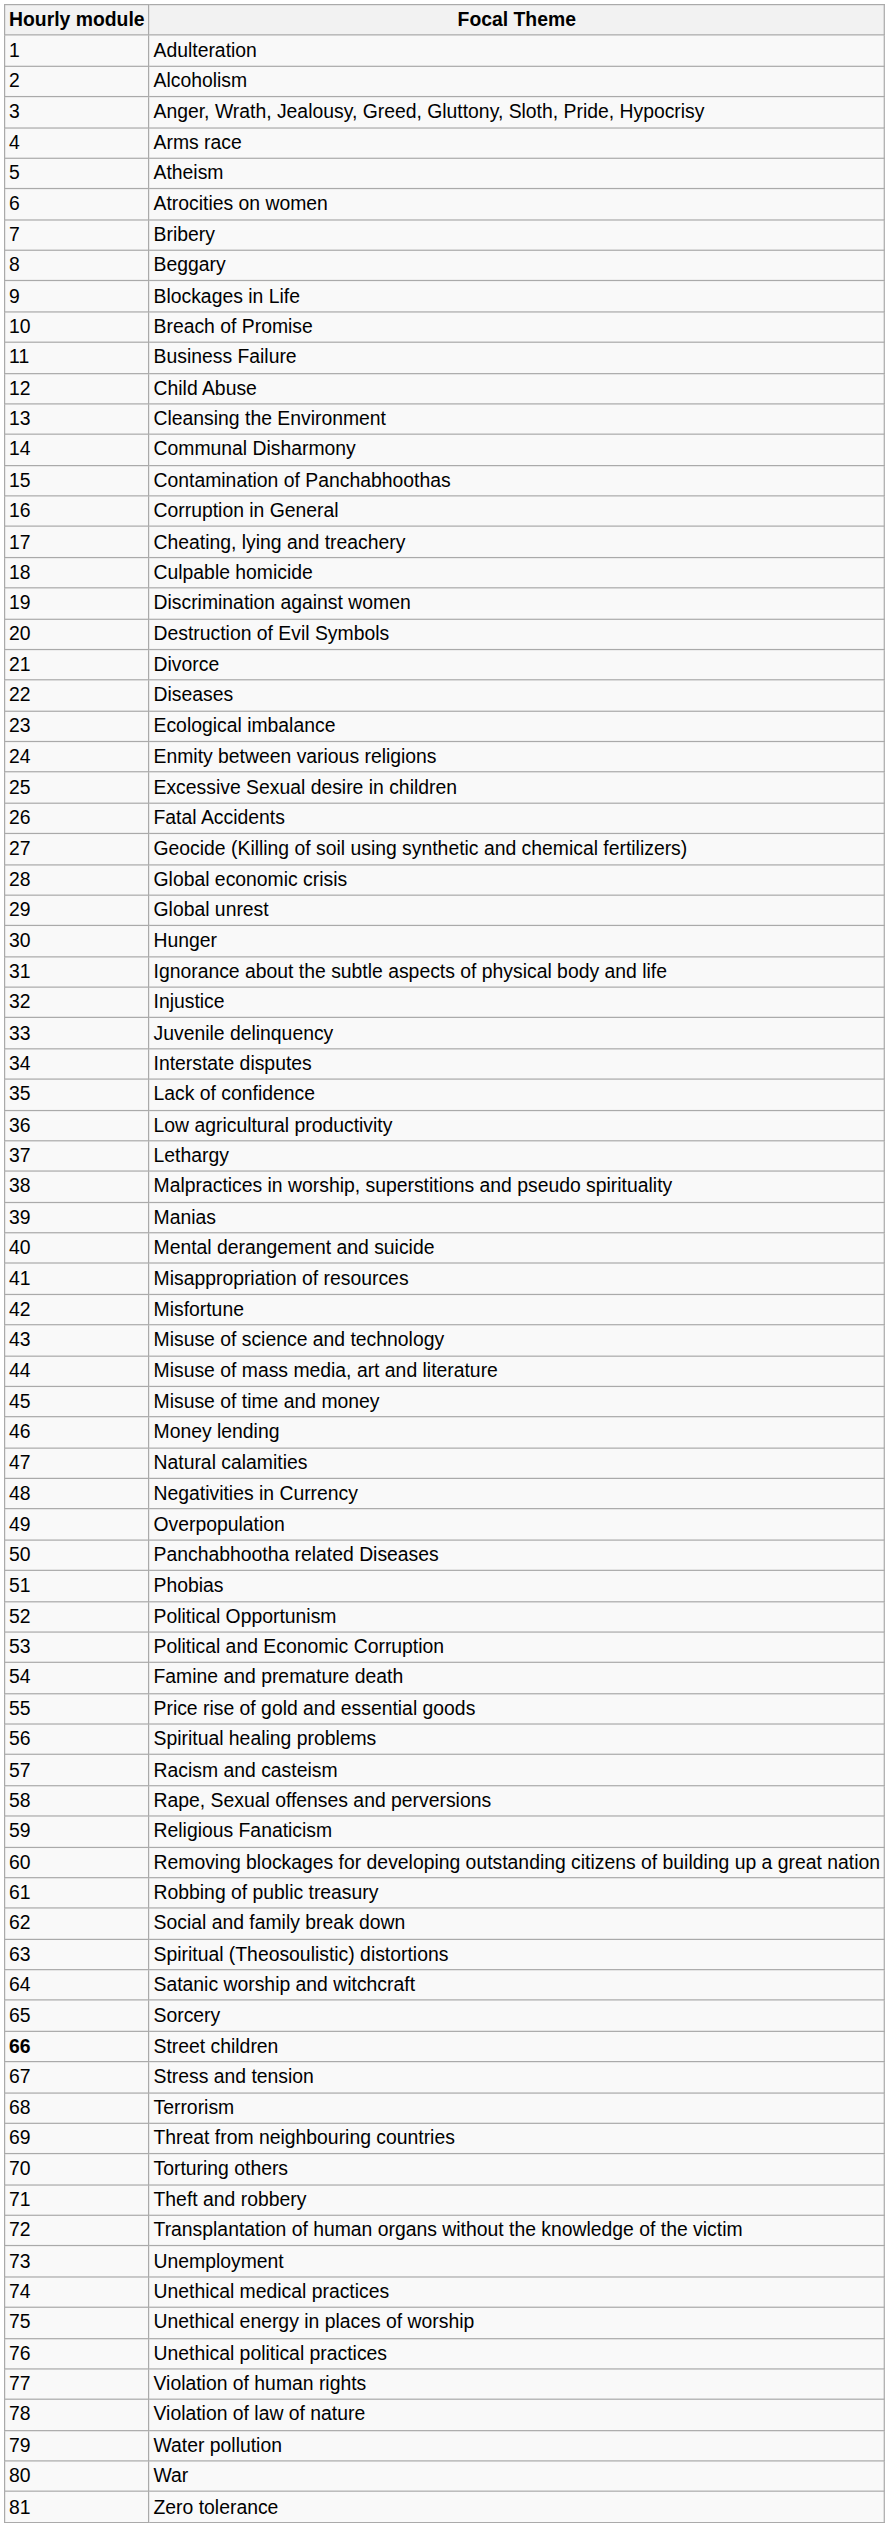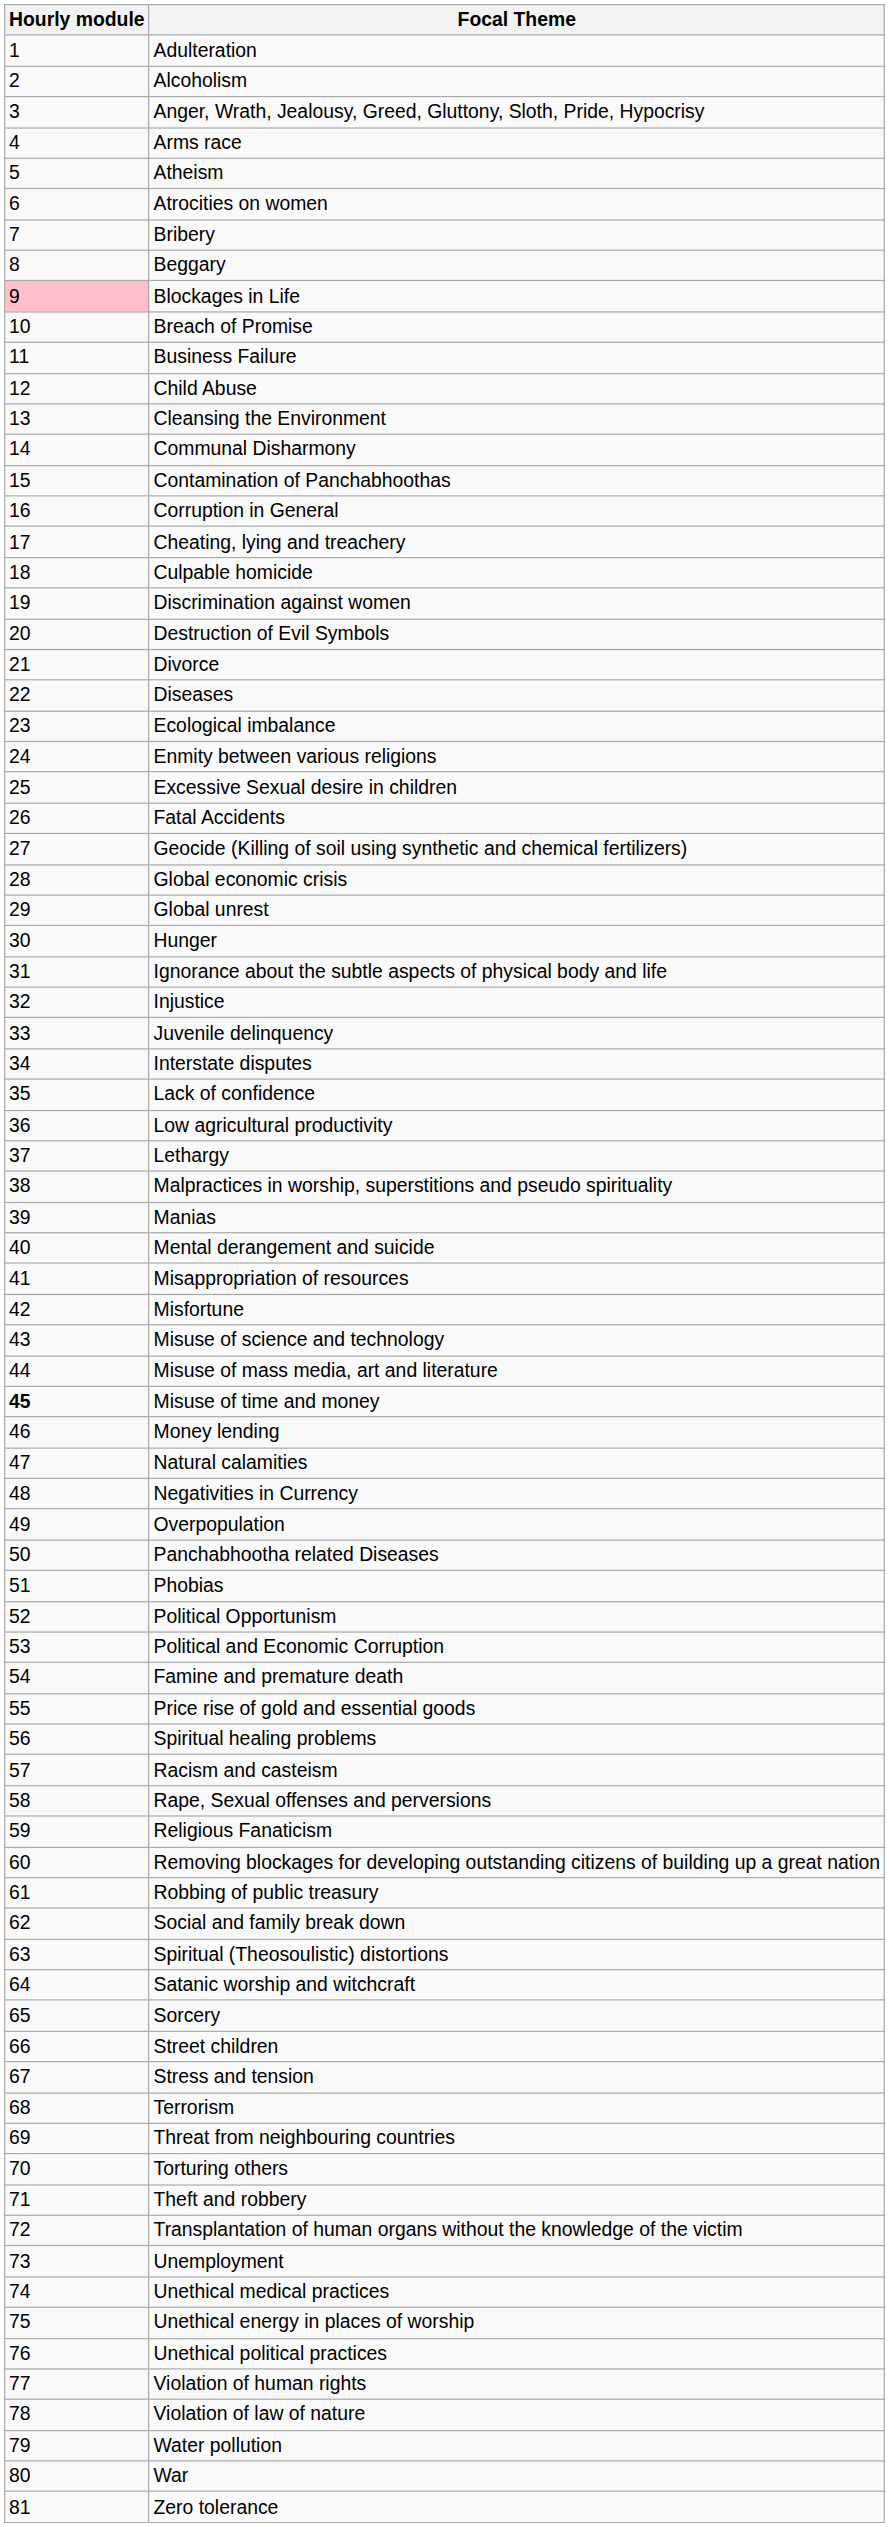 <table class="wikitable">
 <tr>
 <th>Hourly module</th>
 <th>Focal Theme</th>
 </tr>
 <tr>
 <td>1</td>
 <td>Adulteration</td>
 </tr>
 <tr>
 <td>2</td>
 <td>Alcoholism</td>
 </tr>
 <tr>
 <td>3</td>
 <td>Anger, Wrath, Jealousy, Greed, Gluttony, Sloth, Pride, Hypocrisy</td>
 </tr>
 <tr>
 <td>4</td>
 <td>Arms race</td>
 </tr>
 <tr>
 <td>5</td>
 <td>Atheism</td>
 </tr>
 <tr>
 <td>6</td>
 <td>Atrocities on women</td>
 </tr>
 <tr>
 <td>7</td>
 <td>Bribery</td>
 </tr>
 <tr>
 <td>8</td>
 <td>Beggary</td>
 </tr>
 <tr>
-<td>9</td>
+<td style="background: pink;">9</td>
 <td>Blockages in Life</td>
 </tr>
 <tr>
 <td>10</td>
 <td>Breach of Promise</td>
 </tr>
 <tr>
 <td>11</td>
 <td>Business Failure</td>
 </tr>
 <tr>
 <td>12</td>
 <td>Child Abuse</td>
 </tr>
 <tr>
 <td>13</td>
 <td>Cleansing the Environment</td>
 </tr>
 <tr>
 <td>14</td>
 <td>Communal Disharmony</td>
 </tr>
 <tr>
 <td>15</td>
 <td>Contamination of Panchabhoothas</td>
 </tr>
 <tr>
 <td>16</td>
 <td>Corruption in General</td>
 </tr>
 <tr>
 <td>17</td>
 <td>Cheating, lying and treachery</td>
 </tr>
 <tr>
 <td>18</td>
 <td>Culpable homicide</td>
 </tr>
 <tr>
 <td>19</td>
 <td>Discrimination against women</td>
 </tr>
 <tr>
 <td>20</td>
 <td>Destruction of Evil Symbols</td>
 </tr>
 <tr>
 <td>21</td>
 <td>Divorce</td>
 </tr>
 <tr>
 <td>22</td>
 <td>Diseases</td>
 </tr>
 <tr>
 <td>23</td>
 <td>Ecological imbalance</td>
 </tr>
 <tr>
 <td>24</td>
 <td>Enmity between various religions</td>
 </tr>
 <tr>
 <td>25</td>
 <td>Excessive Sexual desire in children</td>
 </tr>
 <tr>
 <td>26</td>
 <td>Fatal Accidents</td>
 </tr>
 <tr>
 <td>27</td>
 <td>Geocide (Killing of soil using synthetic and chemical fertilizers)</td>
 </tr>
 <tr>
 <td>28</td>
 <td>Global economic crisis</td>
 </tr>
 <tr>
 <td>29</td>
 <td>Global unrest</td>
 </tr>
 <tr>
 <td>30</td>
 <td>Hunger</td>
 </tr>
 <tr>
 <td>31</td>
 <td>Ignorance about the subtle aspects of physical body and life</td>
 </tr>
 <tr>
 <td>32</td>
 <td>Injustice</td>
 </tr>
 <tr>
 <td>33</td>
 <td>Juvenile delinquency</td>
 </tr>
 <tr>
 <td>34</td>
 <td>Interstate disputes</td>
 </tr>
 <tr>
 <td>35</td>
 <td>Lack of confidence</td>
 </tr>
 <tr>
 <td>36</td>
 <td>Low agricultural productivity</td>
 </tr>
 <tr>
 <td>37</td>
 <td>Lethargy</td>
 </tr>
 <tr>
 <td>38</td>
 <td>Malpractices in worship, superstitions and pseudo spirituality</td>
 </tr>
 <tr>
 <td>39</td>
 <td>Manias</td>
 </tr>
 <tr>
 <td>40</td>
 <td>Mental derangement and suicide</td>
 </tr>
 <tr>
 <td>41</td>
 <td>Misappropriation of resources</td>
 </tr>
 <tr>
 <td>42</td>
 <td>Misfortune</td>
 </tr>
 <tr>
 <td>43</td>
 <td>Misuse of science and technology</td>
 </tr>
 <tr>
 <td>44</td>
 <td>Misuse of mass media, art and literature</td>
 </tr>
 <tr>
-<td>45</td>
+<td><strong>45</strong></td>
 <td>Misuse of time and money</td>
 </tr>
 <tr>
 <td>46</td>
 <td>Money lending</td>
 </tr>
 <tr>
 <td>47</td>
 <td>Natural calamities</td>
 </tr>
 <tr>
 <td>48</td>
 <td>Negativities in Currency</td>
 </tr>
 <tr>
 <td>49</td>
 <td>Overpopulation</td>
 </tr>
 <tr>
 <td>50</td>
 <td>Panchabhootha related Diseases</td>
 </tr>
 <tr>
 <td>51</td>
 <td>Phobias</td>
 </tr>
 <tr>
 <td>52</td>
 <td>Political Opportunism</td>
 </tr>
 <tr>
 <td>53</td>
 <td>Political and Economic Corruption</td>
 </tr>
 <tr>
 <td>54</td>
 <td>Famine and premature death</td>
 </tr>
 <tr>
 <td>55</td>
 <td>Price rise of gold and essential goods</td>
 </tr>
 <tr>
 <td>56</td>
 <td>Spiritual healing problems</td>
 </tr>
 <tr>
 <td>57</td>
 <td>Racism and casteism</td>
 </tr>
 <tr>
 <td>58</td>
 <td>Rape, Sexual offenses and perversions</td>
 </tr>
 <tr>
 <td>59</td>
 <td>Religious Fanaticism</td>
 </tr>
 <tr>
 <td>60</td>
 <td>Removing blockages for developing outstanding citizens of building up a great nation</td>
 </tr>
 <tr>
 <td>61</td>
 <td>Robbing of public treasury</td>
 </tr>
 <tr>
 <td>62</td>
 <td>Social and family break down</td>
 </tr>
 <tr>
 <td>63</td>
 <td>Spiritual (Theosoulistic) distortions</td>
 </tr>
 <tr>
 <td>64</td>
 <td>Satanic worship and witchcraft</td>
 </tr>
 <tr>
 <td>65</td>
 <td>Sorcery</td>
 </tr>
 <tr>
-<td><strong>66</strong></td>
+<td>66</td>
 <td>Street children</td>
 </tr>
 <tr>
 <td>67</td>
 <td>Stress and tension</td>
 </tr>
 <tr>
 <td>68</td>
 <td>Terrorism</td>
 </tr>
 <tr>
 <td>69</td>
 <td>Threat from neighbouring countries</td>
 </tr>
 <tr>
 <td>70</td>
 <td>Torturing others</td>
 </tr>
 <tr>
 <td>71</td>
 <td>Theft and robbery</td>
 </tr>
 <tr>
 <td>72</td>
 <td>Transplantation of human organs without the knowledge of the victim</td>
 </tr>
 <tr>
 <td>73</td>
 <td>Unemployment</td>
 </tr>
 <tr>
 <td>74</td>
 <td>Unethical medical practices</td>
 </tr>
 <tr>
 <td>75</td>
 <td>Unethical energy in places of worship</td>
 </tr>
 <tr>
 <td>76</td>
 <td>Unethical political practices</td>
 </tr>
 <tr>
 <td>77</td>
 <td>Violation of human rights</td>
 </tr>
 <tr>
 <td>78</td>
 <td>Violation of law of nature</td>
 </tr>
 <tr>
 <td>79</td>
 <td>Water pollution</td>
 </tr>
 <tr>
 <td>80</td>
 <td>War</td>
 </tr>
 <tr>
 <td>81</td>
 <td>Zero tolerance</td>
 </tr>
 </table>
